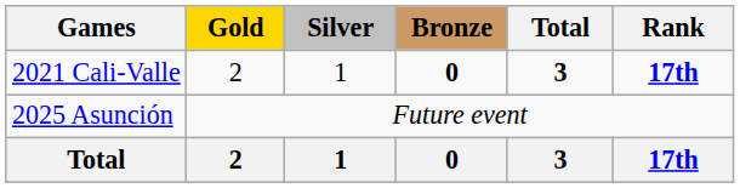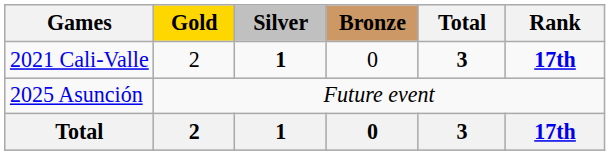 <table class="wikitable" style="text-align:center; font-size:90%;">
 <tr>
 <th>Games</th>
 <td style="background:gold; width:3.2em; font-weight:bold;">Gold</td>
 <td style="background:silver; width:3.7em; font-weight:bold;">Silver</td>
 <td style="background:#c96; width:3.7em; font-weight:bold;">Bronze</td>
 <th style="width:3.5em; font-weight:bold;">Total</th>
 <th style="width:4em; font-weight:bold;">Rank</th>
 </tr>
 <tr>
 <td align=left> <a href='#'>2021 Cali-Valle</a></td>
 <td>2</td>
-<td>1</td>
-<td><strong>0</strong></td>
+<td><strong>1</strong></td>
+<td>0</td>
 <td><strong>3</strong></td>
 <td><strong><a href='#'>17th</a></strong></td>
 </tr>
 <tr>
 <td align=left> <a href='#'>2025 Asunción</a></td>
 <td colspan="5"><em>Future event</em></td>
 </tr>
 <tr>
 <th>Total</th>
 <th>2</th>
 <th>1</th>
 <th>0</th>
 <th>3</th>
 <th><a href='#'>17th</a></th>
 </tr>
 </table>
